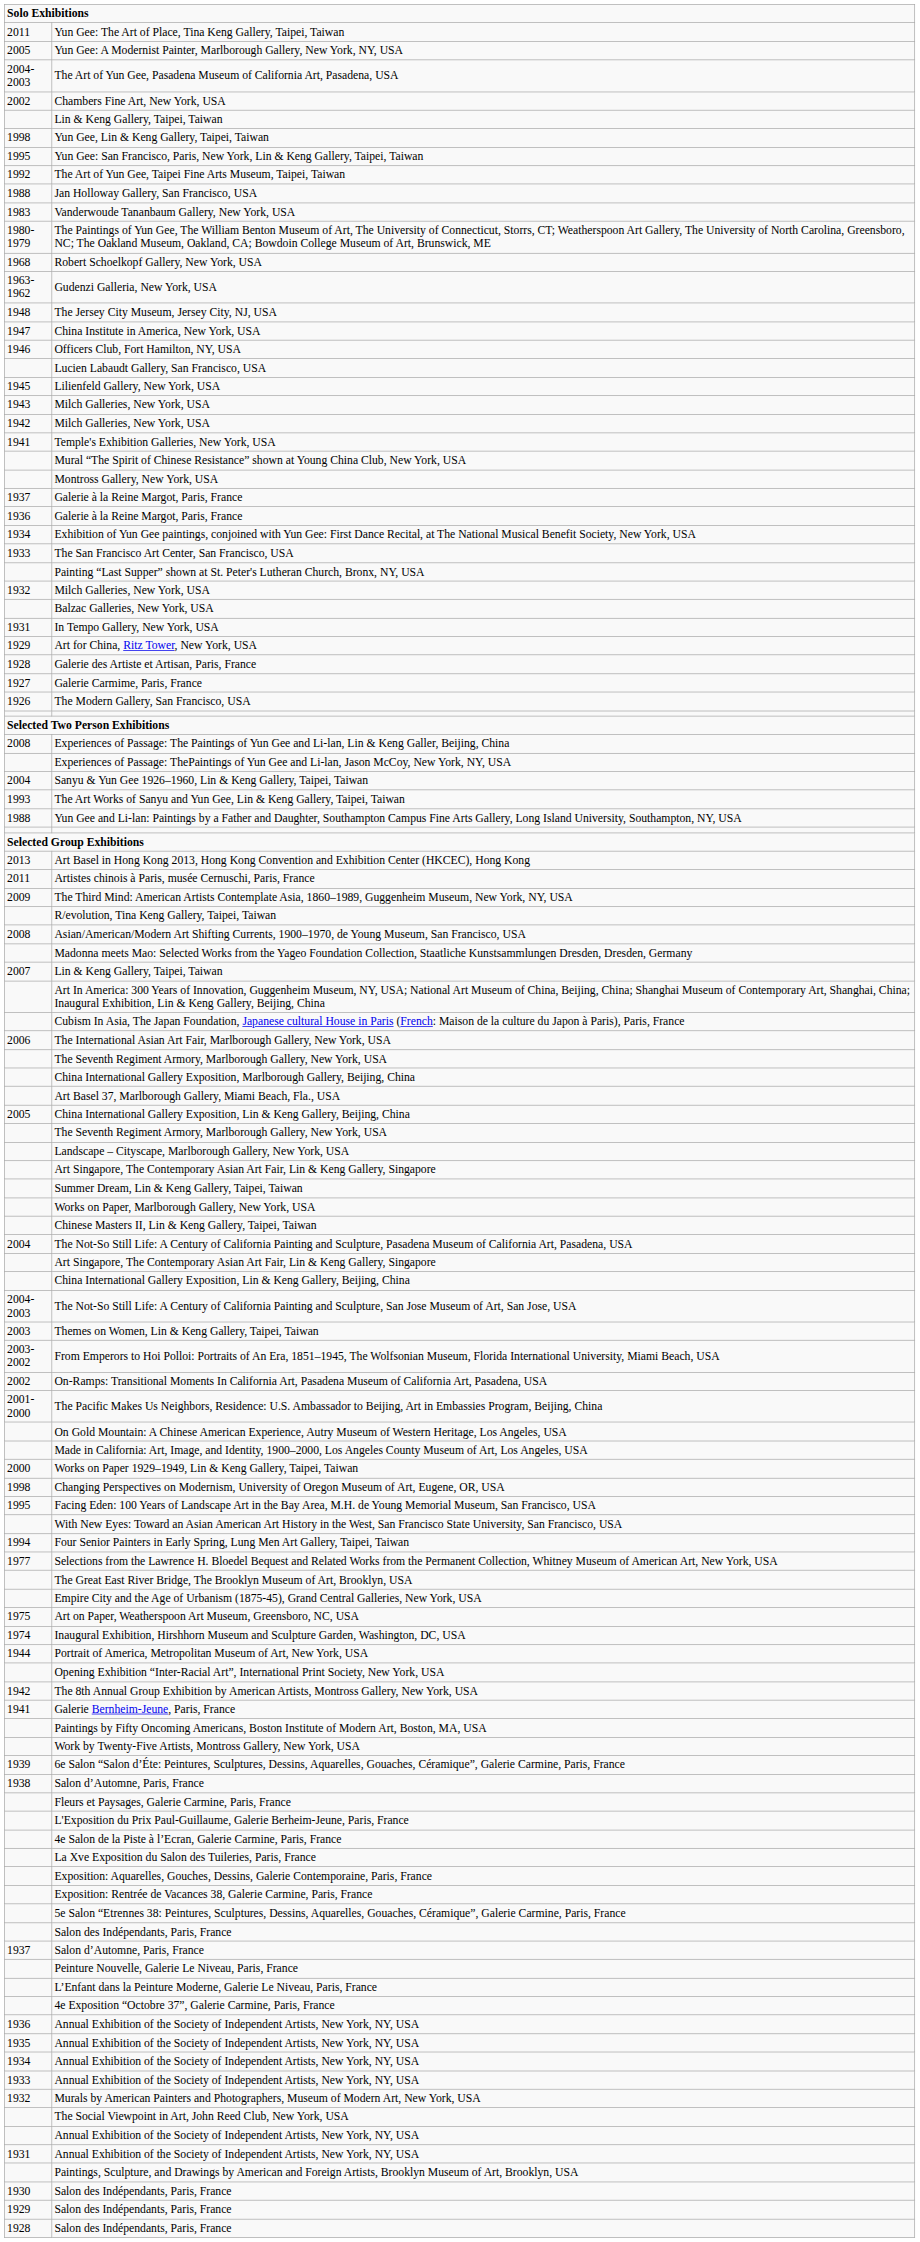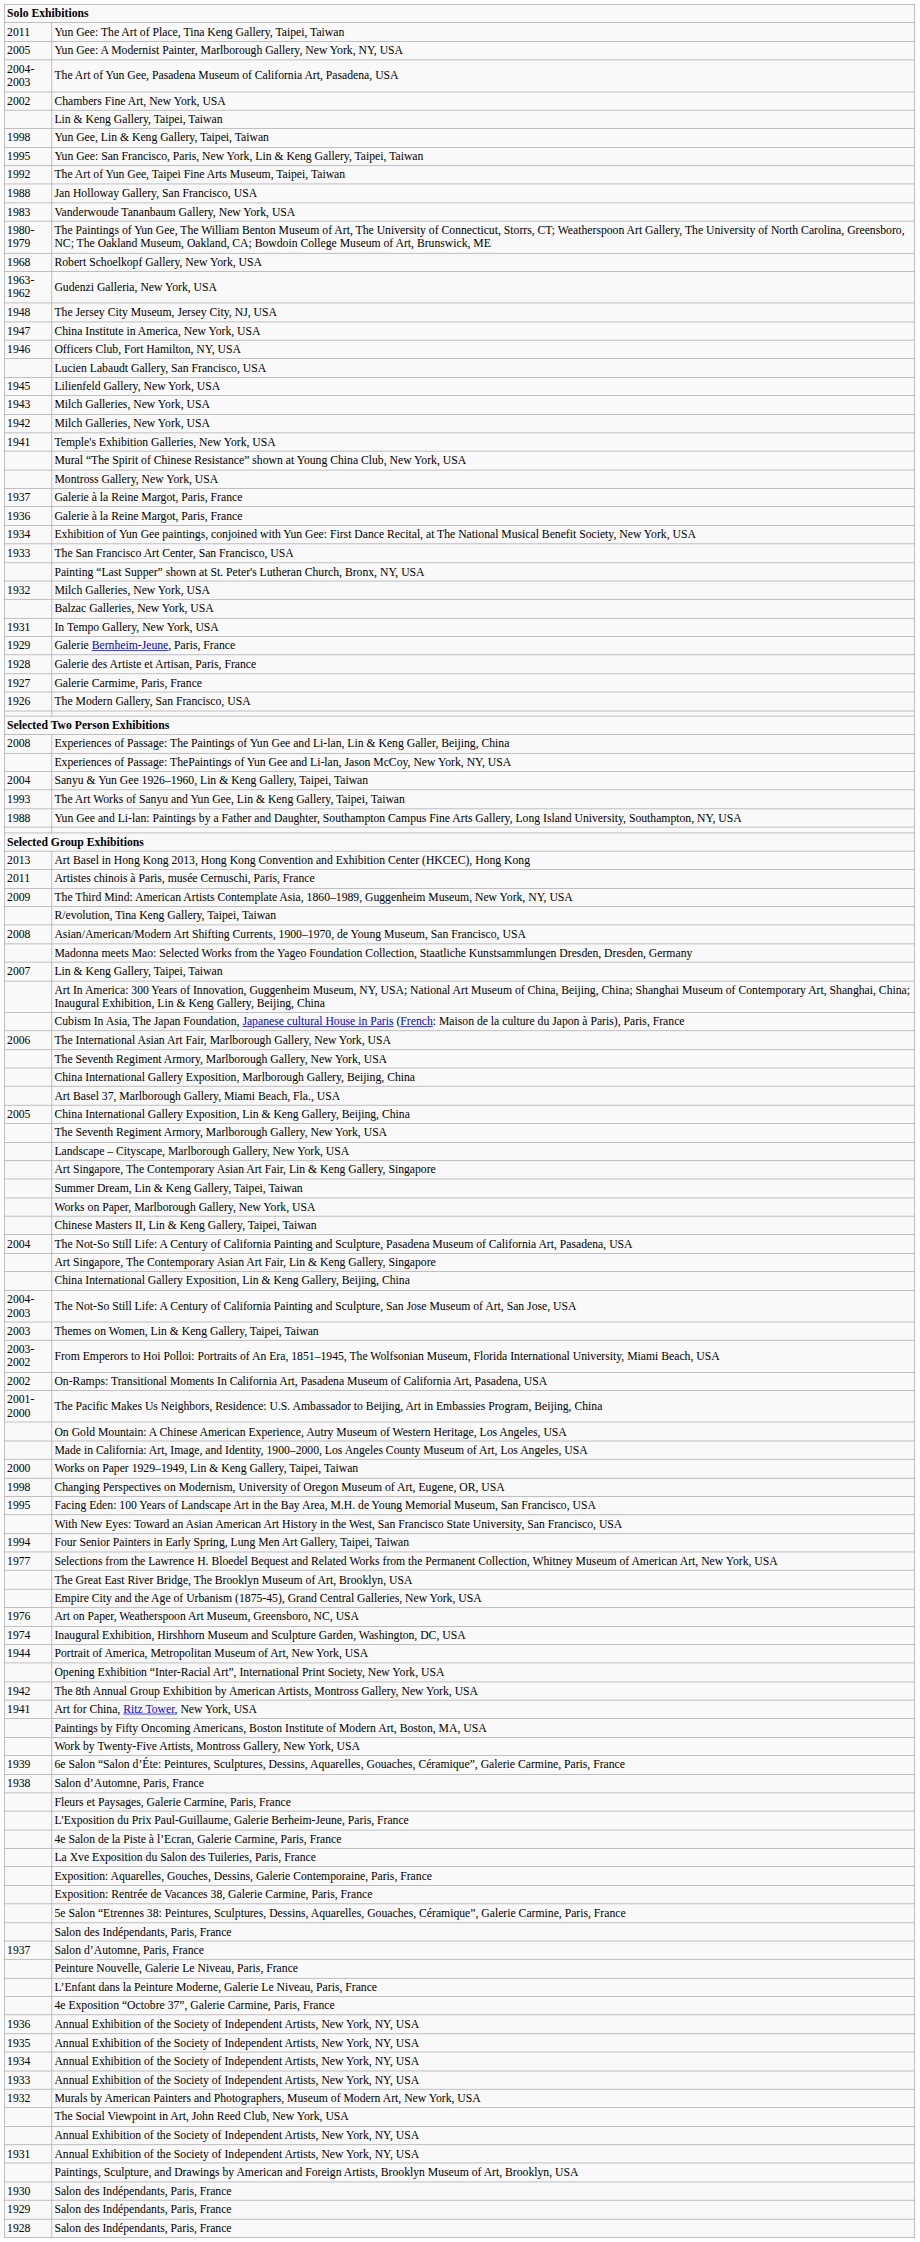 <table class="wikitable">
 <tr>
 <td colspan="2"><strong>Solo Exhibitions</strong></td>
 </tr>
 <tr>
 <td>2011</td>
 <td>Yun Gee: The Art of Place, Tina Keng Gallery, Taipei, Taiwan</td>
 </tr>
 <tr>
 <td>2005</td>
 <td>Yun Gee: A Modernist Painter, Marlborough Gallery, New York, NY, USA</td>
 </tr>
 <tr>
 <td>2004-2003</td>
 <td>The Art of Yun Gee, Pasadena Museum of California Art, Pasadena, USA</td>
 </tr>
 <tr>
 <td>2002</td>
 <td>Chambers Fine Art, New York, USA</td>
 </tr>
 <tr>
 <td></td>
 <td>Lin & Keng Gallery, Taipei, Taiwan</td>
 </tr>
 <tr>
 <td>1998</td>
 <td>Yun Gee, Lin & Keng Gallery, Taipei, Taiwan</td>
 </tr>
 <tr>
 <td>1995</td>
 <td>Yun Gee: San Francisco, Paris, New York, Lin & Keng Gallery, Taipei, Taiwan</td>
 </tr>
 <tr>
 <td>1992</td>
 <td>The Art of Yun Gee, Taipei Fine Arts Museum, Taipei, Taiwan</td>
 </tr>
 <tr>
 <td>1988</td>
 <td>Jan Holloway Gallery, San Francisco, USA</td>
 </tr>
 <tr>
 <td>1983</td>
 <td>Vanderwoude Tananbaum Gallery, New York, USA</td>
 </tr>
 <tr>
 <td>1980-1979</td>
 <td>The Paintings of Yun Gee, The William Benton Museum of Art, The University of Connecticut, Storrs, CT; Weatherspoon Art Gallery, The University of North Carolina, Greensboro, NC; The Oakland Museum, Oakland, CA; Bowdoin College Museum of Art, Brunswick, ME</td>
 </tr>
 <tr>
 <td>1968</td>
 <td>Robert Schoelkopf Gallery, New York, USA</td>
 </tr>
 <tr>
 <td>1963-1962</td>
 <td>Gudenzi Galleria, New York, USA</td>
 </tr>
 <tr>
 <td>1948</td>
 <td>The Jersey City Museum, Jersey City, NJ, USA</td>
 </tr>
 <tr>
 <td>1947</td>
 <td>China Institute in America, New York, USA</td>
 </tr>
 <tr>
 <td>1946</td>
 <td>Officers Club, Fort Hamilton, NY, USA</td>
 </tr>
 <tr>
 <td></td>
 <td>Lucien Labaudt Gallery, San Francisco, USA</td>
 </tr>
 <tr>
 <td>1945</td>
 <td>Lilienfeld Gallery, New York, USA</td>
 </tr>
 <tr>
 <td>1943</td>
 <td>Milch Galleries, New York, USA</td>
 </tr>
 <tr>
 <td>1942</td>
 <td>Milch Galleries, New York, USA</td>
 </tr>
 <tr>
 <td>1941</td>
 <td>Temple's Exhibition Galleries, New York, USA</td>
 </tr>
 <tr>
 <td></td>
 <td>Mural “The Spirit of Chinese Resistance” shown at Young China Club, New York, USA</td>
 </tr>
 <tr>
 <td></td>
 <td>Montross Gallery, New York, USA</td>
 </tr>
 <tr>
 <td>1937</td>
 <td>Galerie à la Reine Margot, Paris, France</td>
 </tr>
 <tr>
 <td>1936</td>
 <td>Galerie à la Reine Margot, Paris, France</td>
 </tr>
 <tr>
 <td>1934</td>
 <td>Exhibition of Yun Gee paintings, conjoined with Yun Gee: First Dance Recital, at The National Musical Benefit Society, New York, USA</td>
 </tr>
 <tr>
 <td>1933</td>
 <td>The San Francisco Art Center, San Francisco, USA</td>
 </tr>
 <tr>
 <td></td>
 <td>Painting “Last Supper” shown at St. Peter's Lutheran Church, Bronx, NY, USA</td>
 </tr>
 <tr>
 <td>1932</td>
 <td>Milch Galleries, New York, USA</td>
 </tr>
 <tr>
 <td></td>
 <td>Balzac Galleries, New York, USA</td>
 </tr>
 <tr>
 <td>1931</td>
 <td>In Tempo Gallery, New York, USA</td>
 </tr>
 <tr>
 <td>1929</td>
-<td>Art for China, <a href='#'>Ritz Tower</a>, New York, USA</td>
+<td>Galerie <a href='#'>Bernheim-Jeune</a>, Paris, France</td>
 </tr>
 <tr>
 <td>1928</td>
 <td>Galerie des Artiste et Artisan, Paris, France</td>
 </tr>
 <tr>
 <td>1927</td>
 <td>Galerie Carmime, Paris, France</td>
 </tr>
 <tr>
 <td>1926</td>
 <td>The Modern Gallery, San Francisco, USA</td>
 </tr>
 <tr>
 <td></td>
 <td></td>
 </tr>
 <tr>
 <td colspan="2"><strong>Selected Two Person Exhibitions</strong></td>
 </tr>
 <tr>
 <td>2008</td>
 <td>Experiences of Passage: The Paintings of Yun Gee and Li-lan, Lin & Keng Galler, Beijing, China</td>
 </tr>
 <tr>
 <td></td>
 <td>Experiences of Passage: ThePaintings of Yun Gee and Li-lan, Jason McCoy, New York, NY, USA</td>
 </tr>
 <tr>
 <td>2004</td>
 <td>Sanyu & Yun Gee 1926–1960, Lin & Keng Gallery, Taipei, Taiwan</td>
 </tr>
 <tr>
 <td>1993</td>
 <td>The Art Works of Sanyu and Yun Gee, Lin & Keng Gallery, Taipei, Taiwan</td>
 </tr>
 <tr>
 <td>1988</td>
 <td>Yun Gee and Li-lan: Paintings by a Father and Daughter, Southampton Campus Fine Arts Gallery, Long Island University, Southampton, NY, USA</td>
 </tr>
 <tr>
 <td></td>
 <td></td>
 </tr>
 <tr>
 <td colspan="2"><strong>Selected Group Exhibitions</strong></td>
 </tr>
 <tr>
 <td>2013</td>
 <td>Art Basel in Hong Kong 2013, Hong Kong Convention and Exhibition Center (HKCEC), Hong Kong</td>
 </tr>
 <tr>
 <td>2011</td>
 <td>Artistes chinois à Paris, musée Cernuschi, Paris, France</td>
 </tr>
 <tr>
 <td>2009</td>
 <td>The Third Mind: American Artists Contemplate Asia, 1860–1989, Guggenheim Museum, New York, NY, USA</td>
 </tr>
 <tr>
 <td></td>
 <td>R/evolution, Tina Keng Gallery, Taipei, Taiwan</td>
 </tr>
 <tr>
 <td>2008</td>
 <td>Asian/American/Modern Art Shifting Currents, 1900–1970, de Young Museum, San Francisco, USA</td>
 </tr>
 <tr>
 <td></td>
 <td>Madonna meets Mao: Selected Works from the Yageo Foundation Collection, Staatliche Kunstsammlungen Dresden, Dresden, Germany</td>
 </tr>
 <tr>
 <td>2007</td>
 <td>Lin & Keng Gallery, Taipei, Taiwan</td>
 </tr>
 <tr>
 <td></td>
 <td>Art In America: 300 Years of Innovation, Guggenheim Museum, NY, USA; National Art Museum of China, Beijing, China; Shanghai Museum of Contemporary Art, Shanghai, China; Inaugural Exhibition, Lin & Keng Gallery, Beijing, China</td>
 </tr>
 <tr>
 <td></td>
 <td>Cubism In Asia, The Japan Foundation, <a href='#'>Japanese cultural House in Paris</a> (<a href='#'>French</a>: Maison de la culture du Japon à Paris), Paris, France</td>
 </tr>
 <tr>
 <td>2006</td>
 <td>The International Asian Art Fair, Marlborough Gallery, New York, USA</td>
 </tr>
 <tr>
 <td></td>
 <td>The Seventh Regiment Armory, Marlborough Gallery, New York, USA</td>
 </tr>
 <tr>
 <td></td>
 <td>China International Gallery Exposition, Marlborough Gallery, Beijing, China</td>
 </tr>
 <tr>
 <td></td>
 <td>Art Basel 37, Marlborough Gallery, Miami Beach, Fla., USA</td>
 </tr>
 <tr>
 <td>2005</td>
 <td>China International Gallery Exposition, Lin & Keng Gallery, Beijing, China</td>
 </tr>
 <tr>
 <td></td>
 <td>The Seventh Regiment Armory, Marlborough Gallery, New York, USA</td>
 </tr>
 <tr>
 <td></td>
 <td>Landscape – Cityscape, Marlborough Gallery, New York, USA</td>
 </tr>
 <tr>
 <td></td>
 <td>Art Singapore, The Contemporary Asian Art Fair, Lin & Keng Gallery, Singapore</td>
 </tr>
 <tr>
 <td></td>
 <td>Summer Dream, Lin & Keng Gallery, Taipei, Taiwan</td>
 </tr>
 <tr>
 <td></td>
 <td>Works on Paper, Marlborough Gallery, New York, USA</td>
 </tr>
 <tr>
 <td></td>
 <td>Chinese Masters II, Lin & Keng Gallery, Taipei, Taiwan</td>
 </tr>
 <tr>
 <td>2004</td>
 <td>The Not-So Still Life: A Century of California Painting and Sculpture, Pasadena Museum of California Art, Pasadena, USA</td>
 </tr>
 <tr>
 <td></td>
 <td>Art Singapore, The Contemporary Asian Art Fair, Lin & Keng Gallery, Singapore</td>
 </tr>
 <tr>
 <td></td>
 <td>China International Gallery Exposition, Lin & Keng Gallery, Beijing, China</td>
 </tr>
 <tr>
 <td>2004-2003</td>
 <td>The Not-So Still Life: A Century of California Painting and Sculpture, San Jose Museum of Art, San Jose, USA</td>
 </tr>
 <tr>
 <td>2003</td>
 <td>Themes on Women, Lin & Keng Gallery, Taipei, Taiwan</td>
 </tr>
 <tr>
 <td>2003-2002</td>
 <td>From Emperors to Hoi Polloi: Portraits of An Era, 1851–1945, The Wolfsonian Museum, Florida International University, Miami Beach, USA</td>
 </tr>
 <tr>
 <td>2002</td>
 <td>On-Ramps: Transitional Moments In California Art, Pasadena Museum of California Art, Pasadena, USA</td>
 </tr>
 <tr>
 <td>2001-2000</td>
 <td>The Pacific Makes Us Neighbors, Residence: U.S. Ambassador to Beijing, Art in Embassies Program, Beijing, China</td>
 </tr>
 <tr>
 <td></td>
 <td>On Gold Mountain: A Chinese American Experience, Autry Museum of Western Heritage, Los Angeles, USA</td>
 </tr>
 <tr>
 <td></td>
 <td>Made in California: Art, Image, and Identity, 1900–2000, Los Angeles County Museum of Art, Los Angeles, USA</td>
 </tr>
 <tr>
 <td>2000</td>
 <td>Works on Paper 1929–1949, Lin & Keng Gallery, Taipei, Taiwan</td>
 </tr>
 <tr>
 <td>1998</td>
 <td>Changing Perspectives on Modernism, University of Oregon Museum of Art, Eugene, OR, USA</td>
 </tr>
 <tr>
 <td>1995</td>
 <td>Facing Eden: 100 Years of Landscape Art in the Bay Area, M.H. de Young Memorial Museum, San Francisco, USA</td>
 </tr>
 <tr>
 <td></td>
 <td>With New Eyes: Toward an Asian American Art History in the West, San Francisco State University, San Francisco, USA</td>
 </tr>
 <tr>
 <td>1994</td>
 <td>Four Senior Painters in Early Spring, Lung Men Art Gallery, Taipei, Taiwan</td>
 </tr>
 <tr>
 <td>1977</td>
 <td>Selections from the Lawrence H. Bloedel Bequest and Related Works from the Permanent Collection, Whitney Museum of American Art, New York, USA</td>
 </tr>
 <tr>
 <td></td>
 <td>The Great East River Bridge, The Brooklyn Museum of Art, Brooklyn, USA</td>
 </tr>
 <tr>
 <td></td>
 <td>Empire City and the Age of Urbanism (1875-45), Grand Central Galleries, New York, USA</td>
 </tr>
 <tr>
-<td>1975</td>
+<td>1976</td>
 <td>Art on Paper, Weatherspoon Art Museum, Greensboro, NC, USA</td>
 </tr>
 <tr>
 <td>1974</td>
 <td>Inaugural Exhibition, Hirshhorn Museum and Sculpture Garden, Washington, DC, USA</td>
 </tr>
 <tr>
 <td>1944</td>
 <td>Portrait of America, Metropolitan Museum of Art, New York, USA</td>
 </tr>
 <tr>
 <td></td>
 <td>Opening Exhibition “Inter-Racial Art”, International Print Society, New York, USA</td>
 </tr>
 <tr>
 <td>1942</td>
 <td>The 8th Annual Group Exhibition by American Artists, Montross Gallery, New York, USA</td>
 </tr>
 <tr>
 <td>1941</td>
-<td>Galerie <a href='#'>Bernheim-Jeune</a>, Paris, France</td>
+<td>Art for China, <a href='#'>Ritz Tower</a>, New York, USA</td>
 </tr>
 <tr>
 <td></td>
 <td>Paintings by Fifty Oncoming Americans, Boston Institute of Modern Art, Boston, MA, USA</td>
 </tr>
 <tr>
 <td></td>
 <td>Work by Twenty-Five Artists, Montross Gallery, New York, USA</td>
 </tr>
 <tr>
 <td>1939</td>
 <td>6e Salon “Salon d’Éte: Peintures, Sculptures, Dessins, Aquarelles, Gouaches, Céramique”, Galerie Carmine, Paris, France</td>
 </tr>
 <tr>
 <td>1938</td>
 <td>Salon d’Automne, Paris, France</td>
 </tr>
 <tr>
 <td></td>
 <td>Fleurs et Paysages, Galerie Carmine, Paris, France</td>
 </tr>
 <tr>
 <td></td>
 <td>L'Exposition du Prix Paul-Guillaume, Galerie Berheim-Jeune, Paris, France</td>
 </tr>
 <tr>
 <td></td>
 <td>4e Salon de la Piste à l’Ecran, Galerie Carmine, Paris, France</td>
 </tr>
 <tr>
 <td></td>
 <td>La  Xve Exposition du Salon des Tuileries, Paris, France</td>
 </tr>
 <tr>
 <td></td>
 <td>Exposition: Aquarelles, Gouches, Dessins, Galerie Contemporaine, Paris, France</td>
 </tr>
 <tr>
 <td></td>
 <td>Exposition: Rentrée de Vacances 38, Galerie Carmine, Paris, France</td>
 </tr>
 <tr>
 <td></td>
 <td>5e Salon “Etrennes 38: Peintures, Sculptures, Dessins, Aquarelles, Gouaches, Céramique”, Galerie Carmine, Paris, France</td>
 </tr>
 <tr>
 <td></td>
 <td>Salon des Indépendants, Paris, France</td>
 </tr>
 <tr>
 <td>1937</td>
 <td>Salon d’Automne, Paris, France</td>
 </tr>
 <tr>
 <td></td>
 <td>Peinture Nouvelle, Galerie Le Niveau, Paris, France</td>
 </tr>
 <tr>
 <td></td>
 <td>L’Enfant dans la Peinture Moderne, Galerie Le Niveau, Paris, France</td>
 </tr>
 <tr>
 <td></td>
 <td>4e Exposition “Octobre 37”, Galerie Carmine, Paris, France</td>
 </tr>
 <tr>
 <td>1936</td>
 <td>Annual Exhibition of the Society of Independent Artists, New York, NY, USA</td>
 </tr>
 <tr>
 <td>1935</td>
 <td>Annual Exhibition of the Society of Independent Artists, New York, NY, USA</td>
 </tr>
 <tr>
 <td>1934</td>
 <td>Annual Exhibition of the Society of Independent Artists, New York, NY, USA</td>
 </tr>
 <tr>
 <td>1933</td>
 <td>Annual Exhibition of the Society of Independent Artists, New York, NY, USA</td>
 </tr>
 <tr>
 <td>1932</td>
 <td>Murals by American Painters and Photographers, Museum of Modern Art, New York, USA</td>
 </tr>
 <tr>
 <td></td>
 <td>The Social Viewpoint in Art, John Reed Club, New York, USA</td>
 </tr>
 <tr>
 <td></td>
 <td>Annual Exhibition of the Society of Independent Artists, New York, NY, USA</td>
 </tr>
 <tr>
 <td>1931</td>
 <td>Annual Exhibition of the Society of Independent Artists, New York, NY, USA</td>
 </tr>
 <tr>
 <td></td>
 <td>Paintings, Sculpture, and Drawings by American and Foreign Artists, Brooklyn Museum of Art, Brooklyn, USA</td>
 </tr>
 <tr>
 <td>1930</td>
 <td>Salon des Indépendants, Paris, France</td>
 </tr>
 <tr>
 <td>1929</td>
 <td>Salon des Indépendants, Paris, France</td>
 </tr>
 <tr>
 <td>1928</td>
 <td>Salon des Indépendants, Paris, France</td>
 </tr>
 </table>
